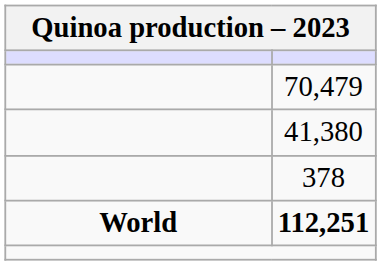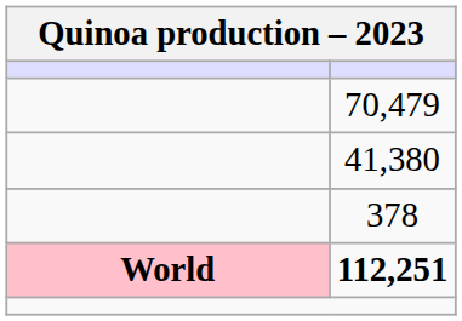 <table class="wikitable" style="float:right; clear:left; width:13em; text-align:center;">
 <tr>
 <th colspan="2">Quinoa production – 2023</th>
 </tr>
 <tr>
 <th style="background:#ddf; width:75%;"></th>
 <th style="background:#ddf; width:25%;"></th>
 </tr>
 <tr>
 <td></td>
 <td>70,479</td>
 </tr>
 <tr>
 <td></td>
 <td>41,380</td>
 </tr>
 <tr>
 <td></td>
 <td>378</td>
 </tr>
 <tr>
-<td><strong>World</strong></td>
+<td style="background: pink;"><strong>World</strong></td>
 <td><strong>112,251</strong></td>
 </tr>
 <tr>
 <td colspan="2"></td>
 </tr>
 </table>
